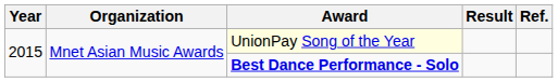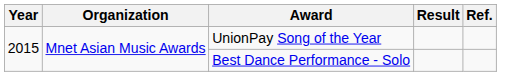 <table class="wikitable plainrowheaders">
 <tr>
 <th scope="col">Year</th>
 <th scope="col">Organization</th>
 <th scope="col">Award</th>
 <th scope="col">Result</th>
 <th>Ref.</th>
 </tr>
 <tr>
 <td rowspan="2">2015</td>
 <td rowspan="2"><a href='#'>Mnet Asian Music Awards</a></td>
-<td style="background: lightyellow;">UnionPay <a href='#'>Song of the Year</a></td>
+<td>UnionPay <a href='#'>Song of the Year</a></td>
 <td></td>
 <td align="center"></td>
 </tr>
 <tr>
-<td><strong><a href='#'>Best Dance Performance - Solo</a></strong></td>
+<td><a href='#'>Best Dance Performance - Solo</a></td>
 <td></td>
 <td align="center"></td>
 </tr>
 </table>
